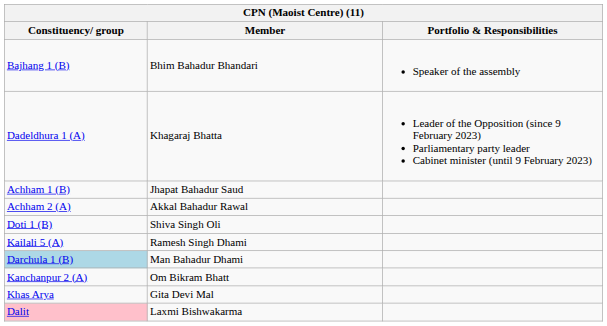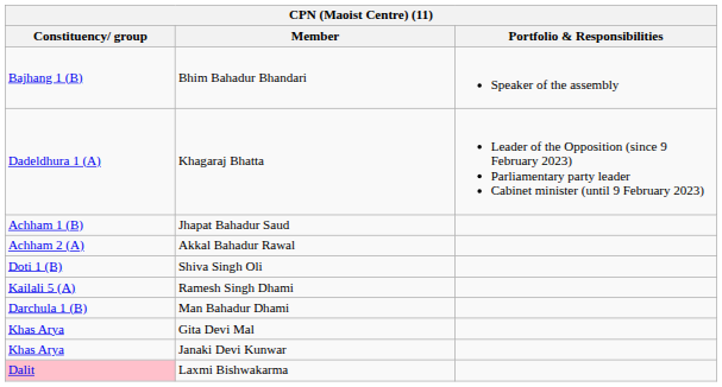 <table class="wikitable sortable mw-collapsible mw-collapsed">
 <tr>
 <th colspan="3" style="width: 800pt; background:">CPN (Maoist Centre) (11)</th>
 </tr>
 <tr>
 <th style="width:150pt;">Constituency/ group</th>
 <th style="width:250pt;">Member</th>
 <th>Portfolio & Responsibilities</th>
 </tr>
 <tr>
 <td><a href='#'>Bajhang 1 (B)</a></td>
 <td>Bhim Bahadur Bhandari</td>
 <td><br><ul><li>Speaker of the assembly</li></ul></td>
 </tr>
 <tr>
 <td><a href='#'>Dadeldhura 1 (A)</a></td>
 <td>Khagaraj Bhatta</td>
 <td><br><ul><li>Leader of the Opposition (since 9 February 2023)</li><li>Parliamentary party leader</li><li>Cabinet minister (until 9 February 2023)</li></ul></td>
 </tr>
 <tr>
 <td><a href='#'>Achham 1 (B)</a></td>
 <td>Jhapat Bahadur Saud</td>
 <td></td>
 </tr>
 <tr>
 <td><a href='#'>Achham 2 (A)</a></td>
 <td>Akkal Bahadur Rawal</td>
 <td></td>
 </tr>
 <tr>
 <td><a href='#'>Doti 1 (B)</a></td>
 <td>Shiva Singh Oli</td>
 <td></td>
 </tr>
 <tr>
 <td><a href='#'>Kailali 5 (A)</a></td>
 <td>Ramesh Singh Dhami</td>
 <td></td>
 </tr>
 <tr>
-<td style="background: lightblue;"><a href='#'>Darchula 1 (B)</a></td>
+<td><a href='#'>Darchula 1 (B)</a></td>
 <td>Man Bahadur Dhami</td>
-<td></td>
-</tr>
-<tr>
-<td><a href='#'>Kanchanpur 2 (A)</a></td>
-<td>Om Bikram Bhatt</td>
 <td></td>
 </tr>
 <tr>
 <td><a href='#'>Khas Arya</a></td>
 <td>Gita Devi Mal</td>
 <td></td>
 </tr>
 <tr>
+<td><a href='#'>Khas Arya</a></td>
+<td>Janaki Devi Kunwar</td>
+<td></td>
+</tr>
+<tr>
 <td style="background: pink;"><a href='#'>Dalit</a></td>
 <td>Laxmi Bishwakarma</td>
 <td></td>
 </tr>
 </table>
